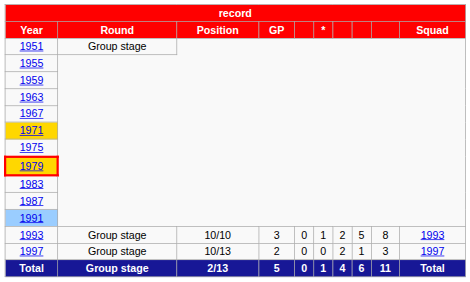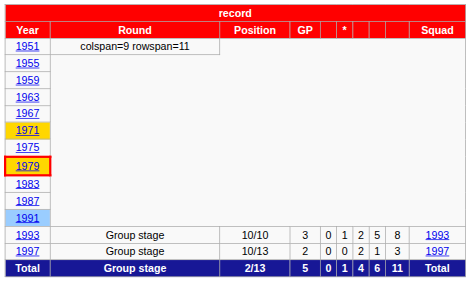 <table class="wikitable" style="font-size:90%; text-align:center;" width="100%" class="wikitable">
 <tr>
 <th colspan=10 style="background:#ff0000; color:white; "><a href='#'></a> record</th>
 </tr>
 <tr>
 <th style="background:#ff0000; color:white; ">Year</th>
 <th style="background:#ff0000; color:white; ">Round</th>
 <th style="background:#ff0000; color:white; ">Position</th>
 <th style="background:#ff0000; color:white; ">GP</th>
 <th style="background:#ff0000; color:white; "></th>
 <th style="background:#ff0000; color:white; ">*</th>
 <th style="background:#ff0000; color:white; "></th>
 <th style="background:#ff0000; color:white; "></th>
 <th style="background:#ff0000; color:white; "></th>
 <th style="background:#ff0000; color:white; ">Squad</th>
 </tr>
 <tr>
 <td> <a href='#'>1951</a></td>
-<td>Group stage</td>
+<td>colspan=9 rowspan=11 </td>
 </tr>
 <tr>
 <td> <a href='#'>1955</a></td>
 </tr>
 <tr>
 <td> <a href='#'>1959</a></td>
 </tr>
 <tr>
 <td> <a href='#'>1963</a></td>
 </tr>
 <tr>
 <td> <a href='#'>1967</a></td>
 </tr>
 <tr bgcolor=gold>
 <td> <a href='#'>1971</a></td>
 </tr>
 <tr>
 <td> <a href='#'>1975</a></td>
 </tr>
 <tr bgcolor=gold>
 <td style="border: 3px solid red"> <a href='#'>1979</a></td>
 </tr>
 <tr>
 <td> <a href='#'>1983</a></td>
 </tr>
 <tr>
 <td> <a href='#'>1987</a></td>
 </tr>
 <tr style="background:#9acdff">
 <td> <a href='#'>1991</a></td>
 </tr>
 <tr>
 <td> <a href='#'>1993</a></td>
 <td>Group stage</td>
 <td>10/10</td>
 <td>3</td>
 <td>0</td>
 <td>1</td>
 <td>2</td>
 <td>5</td>
 <td>8</td>
 <td><a href='#'>1993</a></td>
 </tr>
 <tr>
 <td> <a href='#'>1997</a></td>
 <td>Group stage</td>
 <td>10/13</td>
 <td>2</td>
 <td>0</td>
 <td>0</td>
 <td>2</td>
 <td>1</td>
 <td>3</td>
 <td><a href='#'>1997</a></td>
 </tr>
 <tr>
 <th style="background:#171796; color:white; ">Total</th>
 <th style="background:#171796; color:white; ">Group stage</th>
 <th style="background:#171796; color:white; ">2/13</th>
 <th style="background:#171796; color:white; ">5</th>
 <th style="background:#171796; color:white; ">0</th>
 <th style="background:#171796; color:white; ">1</th>
 <th style="background:#171796; color:white; ">4</th>
 <th style="background:#171796; color:white; ">6</th>
 <th style="background:#171796; color:white; ">11</th>
 <th style="background:#171796; color:white; ">Total</th>
 </tr>
 </table>
